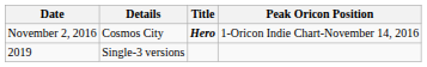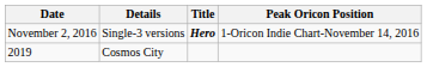 <table class="wikitable">
 <tr>
 <th>Date</th>
 <th>Details</th>
 <th>Title</th>
 <th>Peak Oricon Position</th>
 </tr>
 <tr>
 <td>November 2, 2016</td>
-<td>Cosmos City</td>
+<td>Single-3 versions</td>
 <td><strong><em>Hero</em></strong></td>
 <td>1-Oricon Indie Chart-November 14, 2016</td>
 </tr>
 <tr>
 <td>2019</td>
-<td>Single-3 versions</td>
+<td>Cosmos City</td>
 <td></td>
 </tr>
 </table>
